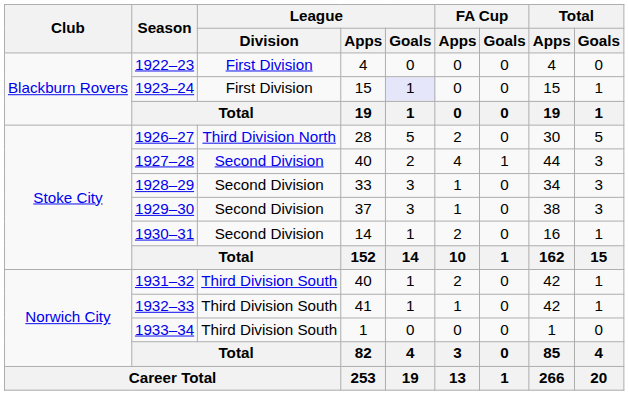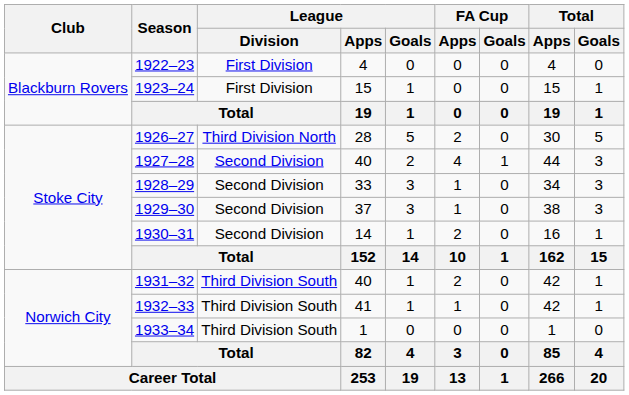 <table class="wikitable" style="text-align: center;">
 <tr>
 <th rowspan="2">Club</th>
 <th rowspan="2">Season</th>
 <th colspan="3">League</th>
 <th colspan="2">FA Cup</th>
 <th colspan="2">Total</th>
 </tr>
 <tr>
 <th>Division</th>
 <th>Apps</th>
 <th>Goals</th>
 <th>Apps</th>
 <th>Goals</th>
 <th>Apps</th>
 <th>Goals</th>
 </tr>
 <tr>
 <td rowspan="3"><a href='#'>Blackburn Rovers</a></td>
 <td><a href='#'>1922–23</a></td>
 <td><a href='#'>First Division</a></td>
 <td>4</td>
 <td>0</td>
 <td>0</td>
 <td>0</td>
 <td>4</td>
 <td>0</td>
 </tr>
 <tr>
 <td><a href='#'>1923–24</a></td>
 <td>First Division</td>
 <td>15</td>
-<td style="background: lavender;">1</td>
+<td>1</td>
 <td>0</td>
 <td>0</td>
 <td>15</td>
 <td>1</td>
 </tr>
 <tr>
 <th colspan="2">Total</th>
 <th>19</th>
 <th>1</th>
 <th>0</th>
 <th>0</th>
 <th>19</th>
 <th>1</th>
 </tr>
 <tr>
 <td rowspan="6"><a href='#'>Stoke City</a></td>
 <td><a href='#'>1926–27</a></td>
 <td><a href='#'>Third Division North</a></td>
 <td>28</td>
 <td>5</td>
 <td>2</td>
 <td>0</td>
 <td>30</td>
 <td>5</td>
 </tr>
 <tr>
 <td><a href='#'>1927–28</a></td>
 <td><a href='#'>Second Division</a></td>
 <td>40</td>
 <td>2</td>
 <td>4</td>
 <td>1</td>
 <td>44</td>
 <td>3</td>
 </tr>
 <tr>
 <td><a href='#'>1928–29</a></td>
 <td>Second Division</td>
 <td>33</td>
 <td>3</td>
 <td>1</td>
 <td>0</td>
 <td>34</td>
 <td>3</td>
 </tr>
 <tr>
 <td><a href='#'>1929–30</a></td>
 <td>Second Division</td>
 <td>37</td>
 <td>3</td>
 <td>1</td>
 <td>0</td>
 <td>38</td>
 <td>3</td>
 </tr>
 <tr>
 <td><a href='#'>1930–31</a></td>
 <td>Second Division</td>
 <td>14</td>
 <td>1</td>
 <td>2</td>
 <td>0</td>
 <td>16</td>
 <td>1</td>
 </tr>
 <tr>
 <th colspan="2">Total</th>
 <th>152</th>
 <th>14</th>
 <th>10</th>
 <th>1</th>
 <th>162</th>
 <th>15</th>
 </tr>
 <tr>
 <td rowspan="4"><a href='#'>Norwich City</a></td>
 <td><a href='#'>1931–32</a></td>
 <td><a href='#'>Third Division South</a></td>
 <td>40</td>
 <td>1</td>
 <td>2</td>
 <td>0</td>
 <td>42</td>
 <td>1</td>
 </tr>
 <tr>
 <td><a href='#'>1932–33</a></td>
 <td>Third Division South</td>
 <td>41</td>
 <td>1</td>
 <td>1</td>
 <td>0</td>
 <td>42</td>
 <td>1</td>
 </tr>
 <tr>
 <td><a href='#'>1933–34</a></td>
 <td>Third Division South</td>
 <td>1</td>
 <td>0</td>
 <td>0</td>
 <td>0</td>
 <td>1</td>
 <td>0</td>
 </tr>
 <tr>
 <th colspan="2">Total</th>
 <th>82</th>
 <th>4</th>
 <th>3</th>
 <th>0</th>
 <th>85</th>
 <th>4</th>
 </tr>
 <tr>
 <th colspan="3">Career Total</th>
 <th>253</th>
 <th>19</th>
 <th>13</th>
 <th>1</th>
 <th>266</th>
 <th>20</th>
 </tr>
 </table>
